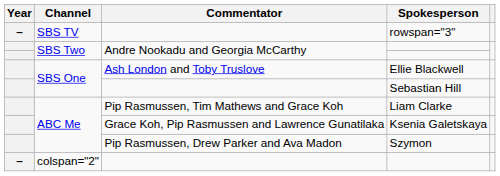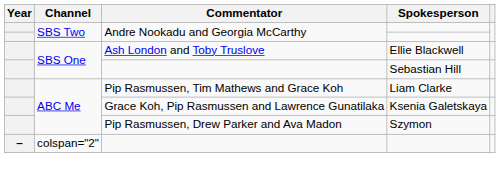 <table class="wikitable sortable plainrowheaders">
 <tr>
 <th scope="col">Year</th>
 <th scope="col">Channel</th>
 <th scope="col">Commentator</th>
 <th scope="col">Spokesperson</th>
 <th scope="col" class="unsortable"></th>
-</tr>
-<tr>
-<th scope="row">–</th>
-<td><a href='#'>SBS TV</a></td>
-<td></td>
-<td>rowspan="3" </td>
-<td></td>
 </tr>
 <tr>
 <th scope="row"></th>
 <td rowspan="2"><a href='#'>SBS Two</a></td>
 <td rowspan="2">Andre Nookadu and Georgia McCarthy</td>
 <td></td>
 </tr>
 <tr>
 <th scope="row"></th>
 <td></td>
 </tr>
 <tr>
 <th scope="row"></th>
 <td rowspan="2"><a href='#'>SBS One</a></td>
 <td><a href='#'>Ash London</a> and <a href='#'>Toby Truslove</a></td>
 <td>Ellie Blackwell</td>
 <td></td>
 </tr>
 <tr>
 <th scope="row"></th>
 <td></td>
 <td>Sebastian Hill</td>
 <td></td>
 </tr>
 <tr>
 <th scope="row"></th>
 <td rowspan="3"><a href='#'>ABC Me</a></td>
 <td>Pip Rasmussen, Tim Mathews and Grace Koh</td>
 <td>Liam Clarke</td>
 <td></td>
 </tr>
 <tr>
 <th scope="row"></th>
 <td>Grace Koh, Pip Rasmussen and Lawrence Gunatilaka</td>
 <td>Ksenia Galetskaya</td>
 <td></td>
 </tr>
 <tr>
 <th scope="row"></th>
 <td>Pip Rasmussen, Drew Parker and Ava Madon</td>
 <td>Szymon</td>
 <td></td>
 </tr>
 <tr>
 <th scope="row">–</th>
 <td>colspan="2" </td>
 <td></td>
 <td></td>
 </tr>
 </table>
